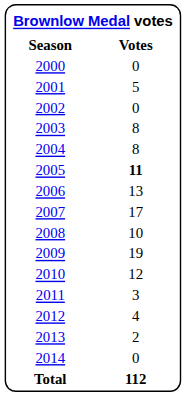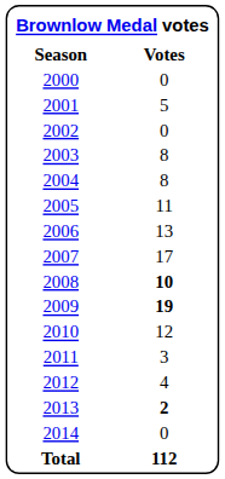 <table style="margin-right:4px; margin-top:8px; float:right; border:1px #000 solid; border-radius:8px; background:#fff; font-family:Verdana; font-size:8pt; text-align:center;">
 <tr style="background:#fff;">
 <td colspan="2;" style="padding:3px; margin-bottom:-3px; margin-top:2px; font-family:Arial; "><strong><a href='#'>Brownlow Medal</a> votes</strong></td>
 </tr>
 <tr>
 <th style="width:50%;">Season</th>
 <th style="width:50%;">Votes</th>
 </tr>
 <tr>
 <td><a href='#'>2000</a></td>
 <td>0</td>
 </tr>
 <tr>
 <td><a href='#'>2001</a></td>
 <td>5</td>
 </tr>
 <tr>
 <td><a href='#'>2002</a></td>
 <td>0</td>
 </tr>
 <tr>
 <td><a href='#'>2003</a></td>
 <td>8</td>
 </tr>
 <tr>
 <td><a href='#'>2004</a></td>
 <td>8</td>
 </tr>
 <tr>
 <td><a href='#'>2005</a></td>
-<td><strong>11</strong></td>
+<td>11</td>
 </tr>
 <tr>
 <td><a href='#'>2006</a></td>
 <td>13</td>
 </tr>
 <tr>
 <td><a href='#'>2007</a></td>
 <td>17</td>
 </tr>
 <tr>
 <td><a href='#'>2008</a></td>
-<td>10</td>
+<td><strong>10</strong></td>
 </tr>
 <tr>
 <td><a href='#'>2009</a></td>
-<td>19</td>
+<td><strong>19</strong></td>
 </tr>
 <tr>
 <td><a href='#'>2010</a></td>
 <td>12</td>
 </tr>
 <tr>
 <td><a href='#'>2011</a></td>
 <td>3</td>
 </tr>
 <tr>
 <td><a href='#'>2012</a></td>
 <td>4</td>
 </tr>
 <tr>
 <td><a href='#'>2013</a></td>
-<td>2</td>
+<td><strong>2</strong></td>
 </tr>
 <tr>
 <td><a href='#'>2014</a></td>
 <td>0</td>
 </tr>
 <tr>
 <td><strong>Total</strong></td>
 <td><strong>112</strong></td>
 </tr>
 </table>
